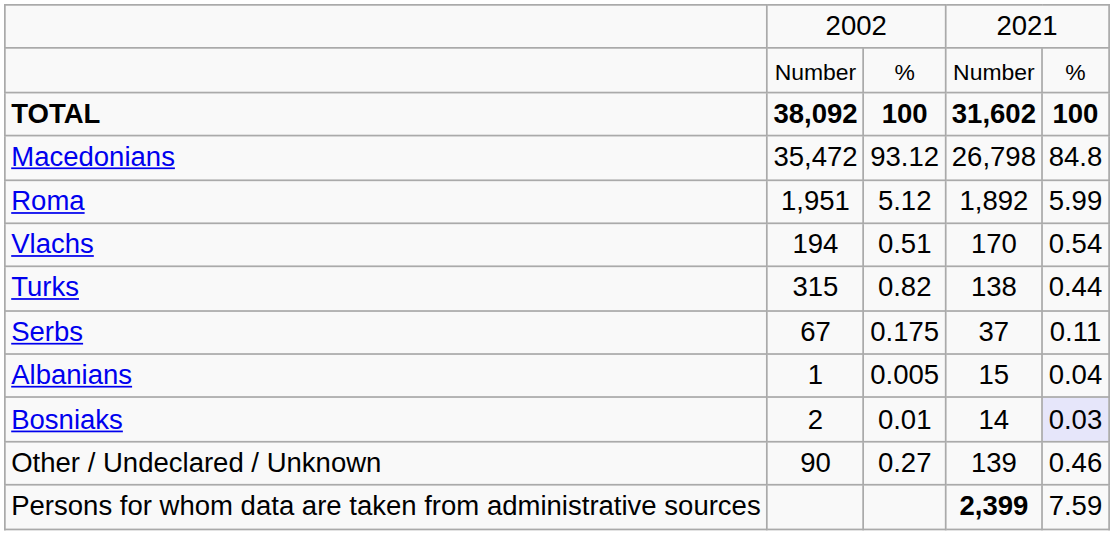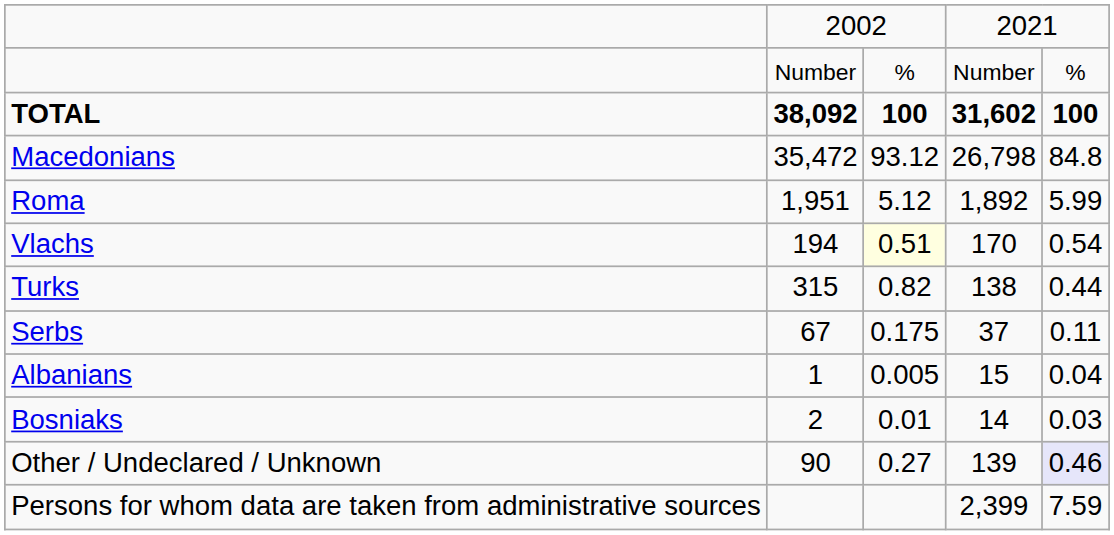 <table class="wikitable">
 <tr>
 <td></td>
 <td colspan="2" align="center">2002</td>
 <td colspan="2" align="center">2021</td>
 </tr>
 <tr>
 <td></td>
 <td align="center"><small>Number</small></td>
 <td align="center"><small>%</small></td>
 <td align="center"><small>Number</small></td>
 <td align="center"><small>%</small></td>
 </tr>
 <tr>
 <td><strong>TOTAL</strong></td>
 <td align="center"><strong>38,092</strong></td>
 <td align="center"><strong>100</strong></td>
 <td align="center"><strong>31,602</strong></td>
 <td align="center"><strong>100</strong></td>
 </tr>
 <tr>
 <td><a href='#'>Macedonians</a></td>
 <td align="center">35,472</td>
 <td align="center">93.12</td>
 <td align="center">26,798</td>
 <td align="center">84.8</td>
 </tr>
 <tr>
 <td><a href='#'>Roma</a></td>
 <td align="center">1,951</td>
 <td align="center">5.12</td>
 <td align="center">1,892</td>
 <td align="center">5.99</td>
 </tr>
 <tr>
 <td><a href='#'>Vlachs</a></td>
 <td align="center">194</td>
-<td align="center">0.51</td>
+<td align="center" style="background: lightyellow;">0.51</td>
 <td align="center">170</td>
 <td align="center">0.54</td>
 </tr>
 <tr>
 <td><a href='#'>Turks</a></td>
 <td align="center">315</td>
 <td align="center">0.82</td>
 <td align="center">138</td>
 <td align="center">0.44</td>
 </tr>
 <tr>
 <td><a href='#'>Serbs</a></td>
 <td align="center">67</td>
 <td align="center">0.175</td>
 <td align="center">37</td>
 <td align="center">0.11</td>
 </tr>
 <tr>
 <td><a href='#'>Albanians</a></td>
 <td align="center">1</td>
 <td align="center">0.005</td>
 <td align="center">15</td>
 <td align="center">0.04</td>
 </tr>
 <tr>
 <td><a href='#'>Bosniaks</a></td>
 <td align="center">2</td>
 <td align="center">0.01</td>
 <td align="center">14</td>
-<td align="center" style="background: lavender;">0.03</td>
+<td align="center">0.03</td>
 </tr>
 <tr>
 <td>Other / Undeclared / Unknown</td>
 <td align="center">90</td>
 <td align="center">0.27</td>
 <td align="center">139</td>
-<td align="center">0.46</td>
+<td align="center" style="background: lavender;">0.46</td>
 </tr>
 <tr>
 <td>Persons for whom data are taken from administrative sources</td>
 <td align="center"></td>
 <td align="center"></td>
-<td align="center"><strong>2,399</strong></td>
+<td align="center">2,399</td>
 <td align="center">7.59</td>
 </tr>
 </table>
